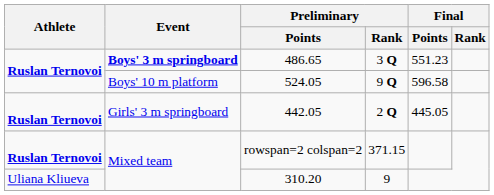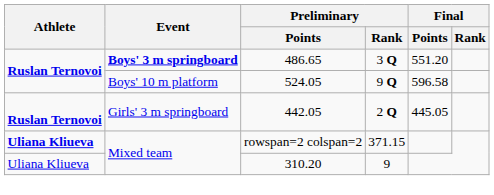 <table class="wikitable" style="text-align:center;font-size:90%">
 <tr>
 <th rowspan=2>Athlete</th>
 <th rowspan=2>Event</th>
 <th colspan=2>Preliminary</th>
 <th colspan=2>Final</th>
 </tr>
 <tr>
 <th>Points</th>
 <th>Rank</th>
 <th>Points</th>
 <th>Rank</th>
 </tr>
 <tr>
 <td align=left rowspan=2><strong><a href='#'>Ruslan Ternovoi</a></strong></td>
 <td align=left><strong><a href='#'>Boys' 3 m springboard</a></strong></td>
 <td>486.65</td>
 <td>3 <strong>Q</strong></td>
-<td>551.23</td>
+<td>551.20</td>
 <td></td>
 </tr>
 <tr>
 <td align=left><a href='#'>Boys' 10 m platform</a></td>
 <td>524.05</td>
 <td>9 <strong>Q</strong></td>
 <td>596.58</td>
 <td></td>
 </tr>
 <tr>
 <td align=left><br><strong><a href='#'>Ruslan Ternovoi</a></strong></td>
 <td align=left><a href='#'>Girls' 3 m springboard</a></td>
 <td>442.05</td>
 <td>2 <strong>Q</strong></td>
 <td>445.05</td>
 <td></td>
 </tr>
 <tr>
-<td align=left><br><strong><a href='#'>Ruslan Ternovoi</a></strong></td>
+<td align=left><strong><a href='#'>Uliana Kliueva</a></strong></td>
 <td rowspan=2 align=left><a href='#'>Mixed team</a></td>
 <td>rowspan=2 colspan=2 </td>
 <td>371.15</td>
 <td></td>
 </tr>
 <tr>
 <td align=left><a href='#'>Uliana Kliueva</a><br></td>
 <td>310.20</td>
 <td>9</td>
 </tr>
 </table>
